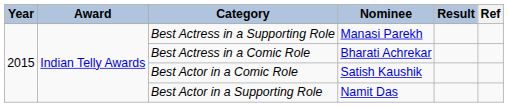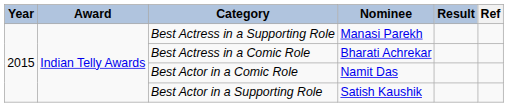 <table class="wikitable">
 <tr>
 <th style="background:#B0C4DE;">Year</th>
 <th style="background:#B0C4DE;">Award</th>
 <th style="background:#B0C4DE;">Category</th>
 <th style="background:#B0C4DE;">Nominee</th>
 <th style="background:#B0C4DE;">Result</th>
 <th>Ref</th>
 </tr>
 <tr>
 <td rowspan="5">2015</td>
 <td rowspan="5"><a href='#'>Indian Telly Awards</a></td>
 <td><em>Best Actress in a Supporting Role</em></td>
 <td><a href='#'>Manasi Parekh</a></td>
 <td></td>
 <td></td>
 </tr>
 <tr>
 <td><em>Best Actress in a Comic Role</em></td>
 <td><a href='#'>Bharati Achrekar</a></td>
 <td></td>
 <td></td>
 </tr>
 <tr>
 <td><em>Best Actor in a Comic Role</em></td>
-<td><a href='#'>Satish Kaushik</a></td>
+<td><a href='#'>Namit Das</a></td>
 <td></td>
 <td></td>
 </tr>
 <tr>
 <td><em>Best Actor in a Supporting Role</em></td>
-<td><a href='#'>Namit Das</a></td>
+<td><a href='#'>Satish Kaushik</a></td>
 <td></td>
 <td></td>
 </tr>
 </table>
